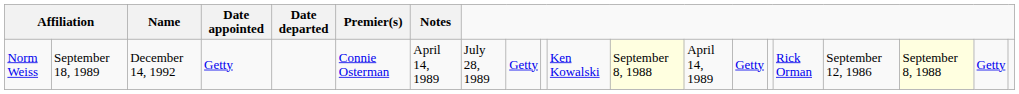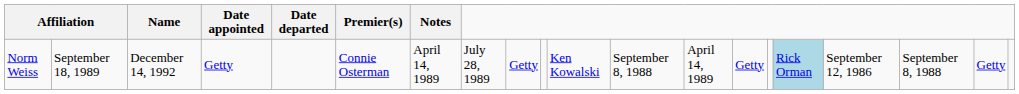 <table class="wikitable">
 <tr>
 <th colspan="2">Affiliation</th>
 <th>Name</th>
 <th>Date appointed</th>
 <th>Date departed</th>
 <th>Premier(s)</th>
 <th>Notes</th>
 </tr>
 <tr>
 <td><a href='#'>Norm Weiss</a></td>
 <td>September 18, 1989</td>
 <td>December 14, 1992</td>
 <td><a href='#'>Getty</a></td>
 <td><br></td>
 <td><a href='#'>Connie Osterman</a></td>
 <td>April 14, 1989</td>
 <td>July 28, 1989</td>
 <td><a href='#'>Getty</a></td>
 <td><br></td>
 <td><a href='#'>Ken Kowalski</a></td>
-<td style="background: lightyellow;">September 8, 1988</td>
+<td>September 8, 1988</td>
 <td>April 14, 1989</td>
 <td><a href='#'>Getty</a></td>
 <td><br></td>
-<td><a href='#'>Rick Orman</a></td>
+<td style="background: lightblue;"><a href='#'>Rick Orman</a></td>
 <td>September 12, 1986</td>
-<td style="background: lightyellow;">September 8, 1988</td>
+<td>September 8, 1988</td>
 <td><a href='#'>Getty</a></td>
 <td></td>
 </tr>
 </table>
